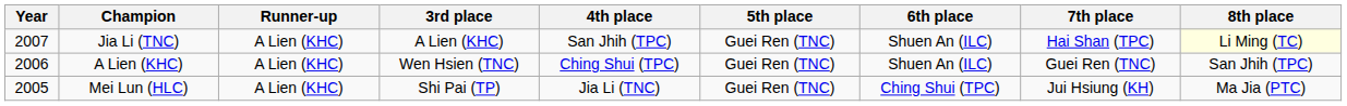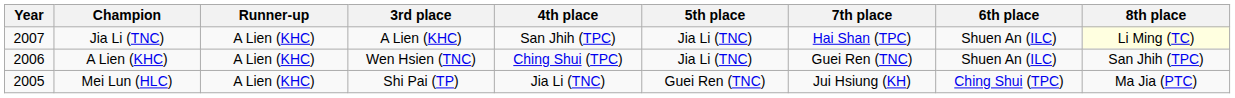 <table class="wikitable" style="font-size:90%; text-align:center; width:100%;">
 <tr>
 <th width="4%">Year</th>
 <th width="12%">Champion</th>
 <th width="12%">Runner-up</th>
 <th width="12%">3rd place</th>
 <th width="12%">4th place</th>
 <th width="12%">5th place</th>
+<th width="12%">7th place</th>
 <th width="12%">6th place</th>
-<th width="12%">7th place</th>
 <th width="12%">8th place</th>
 </tr>
 <tr>
 <td>2007</td>
 <td>Jia Li (<a href='#'>TNC</a>)</td>
 <td>A Lien (<a href='#'>KHC</a>)</td>
 <td>A Lien (<a href='#'>KHC</a>)</td>
 <td>San Jhih (<a href='#'>TPC</a>)</td>
-<td>Guei Ren (<a href='#'>TNC</a>)</td>
+<td>Jia Li (<a href='#'>TNC</a>)</td>
+<td><a href='#'>Hai Shan</a> (<a href='#'>TPC</a>)</td>
 <td>Shuen An (<a href='#'>ILC</a>)</td>
-<td><a href='#'>Hai Shan</a> (<a href='#'>TPC</a>)</td>
 <td style="background: lightyellow;">Li Ming (<a href='#'>TC</a>)</td>
 </tr>
 <tr>
 <td>2006</td>
 <td>A Lien (<a href='#'>KHC</a>)</td>
 <td>A Lien (<a href='#'>KHC</a>)</td>
 <td>Wen Hsien (<a href='#'>TNC</a>)</td>
 <td><a href='#'>Ching Shui</a> (<a href='#'>TPC</a>)</td>
+<td>Jia Li (<a href='#'>TNC</a>)</td>
 <td>Guei Ren (<a href='#'>TNC</a>)</td>
 <td>Shuen An (<a href='#'>ILC</a>)</td>
-<td>Guei Ren (<a href='#'>TNC</a>)</td>
 <td>San Jhih (<a href='#'>TPC</a>)</td>
 </tr>
 <tr>
 <td>2005</td>
 <td>Mei Lun (<a href='#'>HLC</a>)</td>
 <td>A Lien (<a href='#'>KHC</a>)</td>
 <td>Shi Pai (<a href='#'>TP</a>)</td>
 <td>Jia Li (<a href='#'>TNC</a>)</td>
 <td>Guei Ren (<a href='#'>TNC</a>)</td>
+<td>Jui Hsiung (<a href='#'>KH</a>)</td>
 <td><a href='#'>Ching Shui</a> (<a href='#'>TPC</a>)</td>
-<td>Jui Hsiung (<a href='#'>KH</a>)</td>
 <td>Ma Jia (<a href='#'>PTC</a>)</td>
 </tr>
 </table>
